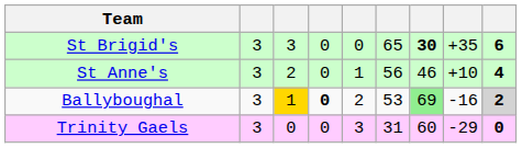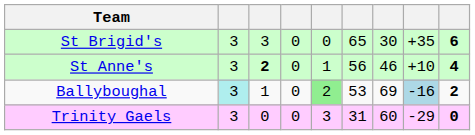 <table class="wikitable" style="text-align:center">
 <tr>
 <th style="width:175px;">Team</th>
 <th width="20"></th>
 <th width="20"></th>
 <th width="20"></th>
 <th width="20"></th>
 <th width="20"></th>
 <th width="20"></th>
 <th width="20"></th>
 <th width="20"></th>
 </tr>
 <tr style="background:#cfc;">
 <td><a href='#'>St Brigid's</a></td>
 <td>3</td>
 <td>3</td>
 <td>0</td>
 <td>0</td>
 <td>65</td>
-<td><strong>30</strong></td>
+<td>30</td>
 <td>+35</td>
 <td><strong>6</strong></td>
 </tr>
 <tr style="background:#cfc;">
 <td><a href='#'>St Anne's</a></td>
 <td>3</td>
-<td>2</td>
+<td><strong>2</strong></td>
 <td>0</td>
 <td>1</td>
 <td>56</td>
 <td>46</td>
 <td>+10</td>
 <td><strong>4</strong></td>
 </tr>
 <tr>
 <td><a href='#'>Ballyboughal</a></td>
-<td>3</td>
-<td style="background: gold;">1</td>
-<td><strong>0</strong></td>
-<td>2</td>
+<td style="background: paleturquoise;">3</td>
+<td>1</td>
+<td>0</td>
+<td style="background: lightgreen;">2</td>
 <td>53</td>
-<td style="background: lightgreen;">69</td>
-<td>-16</td>
-<td style="background: lightgrey;"><strong>2</strong></td>
+<td>69</td>
+<td style="background: lightblue;">-16</td>
+<td><strong>2</strong></td>
 </tr>
 <tr style="background:#fcf;">
 <td><a href='#'>Trinity Gaels</a></td>
 <td>3</td>
 <td>0</td>
 <td>0</td>
 <td>3</td>
 <td>31</td>
 <td>60</td>
 <td>-29</td>
 <td><strong>0</strong></td>
 </tr>
 </table>
